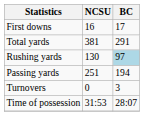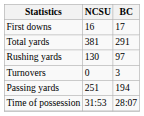 <table class="wikitable">
 <tr>
 <th>Statistics</th>
 <th>NCSU</th>
 <th>BC</th>
 </tr>
 <tr>
 <td>First downs</td>
 <td>16</td>
 <td>17</td>
 </tr>
 <tr>
 <td>Total yards</td>
 <td>381</td>
 <td>291</td>
 </tr>
 <tr>
 <td>Rushing yards</td>
 <td>130</td>
-<td style="background: lightblue;">97</td>
+<td>97</td>
+</tr>
+<tr>
+<td>Turnovers</td>
+<td>0</td>
+<td>3</td>
 </tr>
 <tr>
 <td>Passing yards</td>
 <td>251</td>
 <td>194</td>
-</tr>
-<tr>
-<td>Turnovers</td>
-<td>0</td>
-<td>3</td>
 </tr>
 <tr>
 <td>Time of possession</td>
 <td>31:53</td>
 <td>28:07</td>
 </tr>
 <tr>
 </tr>
 </table>
